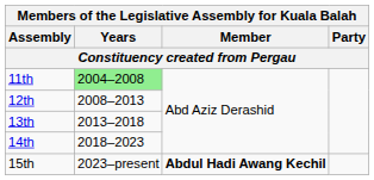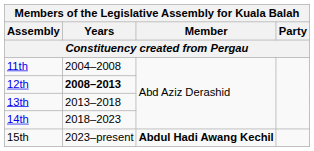 <table class=wikitable>
 <tr>
 <th colspan=4>Members of the Legislative Assembly for Kuala Balah</th>
 </tr>
 <tr>
 <th>Assembly</th>
 <th>Years</th>
 <th>Member</th>
 <th>Party</th>
 </tr>
 <tr>
 <th colspan=4 align=center><em>Constituency created from Pergau</em></th>
 </tr>
 <tr>
 <td><a href='#'>11th</a></td>
-<td style="background: lightgreen;">2004–2008</td>
+<td>2004–2008</td>
 <td rowspan=4>Abd Aziz Derashid</td>
 <td rowspan=4></td>
 </tr>
 <tr>
 <td><a href='#'>12th</a></td>
-<td>2008–2013</td>
+<td><strong>2008–2013</strong></td>
 </tr>
 <tr>
 <td><a href='#'>13th</a></td>
 <td>2013–2018</td>
 </tr>
 <tr>
 <td><a href='#'>14th</a></td>
 <td>2018–2023</td>
 </tr>
 <tr>
 <td>15th</td>
 <td>2023–present</td>
 <td><strong>Abdul Hadi Awang Kechil</strong></td>
 <td></td>
 </tr>
 </table>
